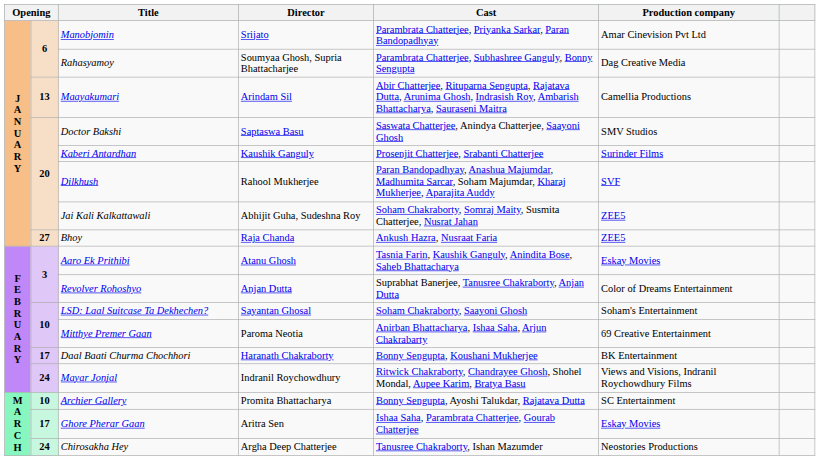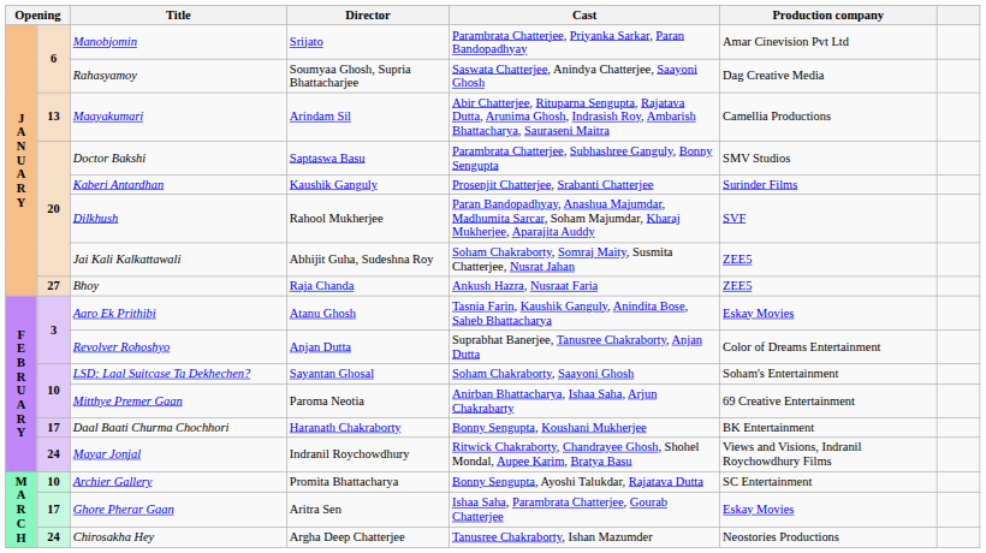 <table class="wikitable sortable">
 <tr style="background:#b0e0e6; text-align:center;">
 <th colspan="2" style="width:6%;">Opening</th>
 <th style="width:20%;">Title</th>
 <th style="width:15%;">Director</th>
 <th style="width:25%;">Cast</th>
 <th style="width:20%;">Production company</th>
 <th style="width:4%;"></th>
 </tr>
 <tr>
 <th rowspan="8" style="text-align:center; background:#f7bf87; text color:#000;">J<br>A<br>N<br>U<br>A<br>R<br>Y</th>
 <td rowspan="2" style="text-align:center; background:#f7dfc7"><strong>6</strong></td>
 <td><em><a href='#'>Manobjomin</a></em></td>
 <td><a href='#'>Srijato</a></td>
 <td><a href='#'>Parambrata Chatterjee</a>, <a href='#'>Priyanka Sarkar</a>, <a href='#'>Paran Bandopadhyay</a></td>
 <td>Amar Cinevision Pvt Ltd</td>
 <td></td>
 </tr>
 <tr>
 <td><em>Rahasyamoy</em></td>
 <td>Soumyaa Ghosh, Supria Bhattacharjee</td>
-<td><a href='#'>Parambrata Chatterjee</a>, <a href='#'>Subhashree Ganguly</a>, <a href='#'>Bonny Sengupta</a></td>
+<td><a href='#'>Saswata Chatterjee</a>, Anindya Chatterjee, <a href='#'>Saayoni Ghosh</a></td>
 <td>Dag Creative Media</td>
 <td></td>
 </tr>
 <tr>
 <td rowspan="1" style="text-align:center; background:#f7dfc7"><strong>13</strong></td>
 <td><em><a href='#'>Maayakumari</a></em></td>
 <td><a href='#'>Arindam Sil</a></td>
 <td><a href='#'>Abir Chatterjee</a>, <a href='#'>Rituparna Sengupta</a>, <a href='#'>Rajatava Dutta</a>, <a href='#'>Arunima Ghosh</a>, <a href='#'>Indrasish Roy</a>, <a href='#'>Ambarish Bhattacharya</a>, <a href='#'>Sauraseni Maitra</a></td>
 <td>Camellia Productions</td>
 <td></td>
 </tr>
 <tr>
 <td rowspan="4" style="text-align:center; background:#f7dfc7"><strong>20</strong></td>
 <td><em>Doctor Bakshi</em></td>
 <td><a href='#'>Saptaswa Basu</a></td>
-<td><a href='#'>Saswata Chatterjee</a>, Anindya Chatterjee, <a href='#'>Saayoni Ghosh</a></td>
+<td><a href='#'>Parambrata Chatterjee</a>, <a href='#'>Subhashree Ganguly</a>, <a href='#'>Bonny Sengupta</a></td>
 <td>SMV Studios</td>
 <td style="text-align:center"></td>
 </tr>
 <tr>
 <td><em><a href='#'>Kaberi Antardhan</a></em></td>
 <td><a href='#'>Kaushik Ganguly</a></td>
 <td><a href='#'>Prosenjit Chatterjee</a>, <a href='#'>Srabanti Chatterjee</a></td>
 <td><a href='#'>Surinder Films</a></td>
 <td></td>
 </tr>
 <tr>
 <td><em><a href='#'>Dilkhush</a></em></td>
 <td>Rahool Mukherjee</td>
 <td><a href='#'>Paran Bandopadhyay</a>, <a href='#'>Anashua Majumdar</a>, <a href='#'>Madhumita Sarcar</a>, Soham Majumdar, <a href='#'>Kharaj Mukherjee</a>, <a href='#'>Aparajita Auddy</a></td>
 <td><a href='#'>SVF</a></td>
 <td></td>
 </tr>
 <tr>
 <td><em>Jai Kali Kalkattawali</em></td>
 <td>Abhijit Guha, Sudeshna Roy</td>
 <td><a href='#'>Soham Chakraborty</a>, <a href='#'>Somraj Maity</a>, Susmita Chatterjee, <a href='#'>Nusrat Jahan</a></td>
 <td><a href='#'>ZEE5</a></td>
 <td></td>
 </tr>
 <tr>
 <td rowspan="1" style="text-align:center; background:#f7dfc7"><strong>27</strong></td>
 <td><em>Bhoy</em></td>
 <td><a href='#'>Raja Chanda</a></td>
 <td><a href='#'>Ankush Hazra</a>, <a href='#'>Nusraat Faria</a></td>
 <td><a href='#'>ZEE5</a></td>
 <td></td>
 </tr>
 <tr>
 <th rowspan="6" style="text-align:center; background:#bf87f7">F<br>E<br>B<br>R<br>U<br>A<br>R<br>Y</th>
 <td rowspan="2" style="text-align:center; background:#dfc7f7"><strong>3</strong></td>
 <td><em><a href='#'>Aaro Ek Prithibi</a></em></td>
 <td><a href='#'>Atanu Ghosh</a></td>
 <td><a href='#'>Tasnia Farin</a>, <a href='#'>Kaushik Ganguly</a>, <a href='#'>Anindita Bose</a>, <a href='#'>Saheb Bhattacharya</a></td>
 <td><a href='#'>Eskay Movies</a></td>
 <td></td>
 </tr>
 <tr>
 <td><em><a href='#'>Revolver Rohoshyo</a></em></td>
 <td><a href='#'>Anjan Dutta</a></td>
 <td>Suprabhat Banerjee, <a href='#'>Tanusree Chakraborty</a>, <a href='#'>Anjan Dutta</a></td>
 <td>Color of Dreams Entertainment</td>
 <td></td>
 </tr>
 <tr>
 <td rowspan="2" style="text-align:center; background:#dfc7f7"><strong>10</strong></td>
 <td><em><a href='#'>LSD: Laal Suitcase Ta Dekhechen?</a></em></td>
 <td><a href='#'>Sayantan Ghosal</a></td>
 <td><a href='#'>Soham Chakraborty</a>, <a href='#'>Saayoni Ghosh</a></td>
 <td>Soham's Entertainment</td>
 <td></td>
 </tr>
 <tr>
 <td><em><a href='#'>Mitthye Premer Gaan</a></em></td>
 <td>Paroma Neotia</td>
 <td><a href='#'>Anirban Bhattacharya</a>, <a href='#'>Ishaa Saha</a>, <a href='#'>Arjun Chakrabarty</a></td>
 <td>69 Creative Entertainment</td>
 <td></td>
 </tr>
 <tr>
 <td rowspan="1" style="text-align:center; background:#dfc7f7"><strong>17</strong></td>
 <td><em>Daal Baati Churma Chochhori</em></td>
 <td><a href='#'>Haranath Chakraborty</a></td>
 <td><a href='#'>Bonny Sengupta</a>, <a href='#'>Koushani Mukherjee</a></td>
 <td>BK Entertainment</td>
 <td></td>
 </tr>
 <tr>
 <td rowspan="1" style="text-align:center; background:#dfc7f7"><strong>24</strong></td>
 <td><em><a href='#'>Mayar Jonjal</a></em></td>
 <td>Indranil Roychowdhury</td>
 <td><a href='#'>Ritwick Chakraborty</a>, <a href='#'>Chandrayee Ghosh</a>, Shohel Mondal, <a href='#'>Aupee Karim</a>, <a href='#'>Bratya Basu</a></td>
 <td>Views and Visions, Indranil Roychowdhury Films</td>
 <td></td>
 </tr>
 <tr>
 <th rowspan="3" style="text-align:center; background:#87f7bf">M<br>A<br>R<br>C<br>H</th>
 <td style="text-align:center; background:#c7f7df"><strong>10</strong></td>
 <td><em><a href='#'>Archier Gallery</a></em></td>
 <td>Promita Bhattacharya</td>
 <td><a href='#'>Bonny Sengupta</a>, Ayoshi Talukdar, <a href='#'>Rajatava Dutta</a></td>
 <td>SC Entertainment</td>
 <td></td>
 </tr>
 <tr>
 <td rowspan="1" style="text-align:center; background:#c7f7df"><strong>17</strong></td>
 <td><em><a href='#'>Ghore Pherar Gaan</a></em></td>
 <td>Aritra Sen</td>
 <td><a href='#'>Ishaa Saha</a>, <a href='#'>Parambrata Chatterjee</a>, <a href='#'>Gourab Chatterjee</a></td>
 <td><a href='#'>Eskay Movies</a></td>
 <td></td>
 </tr>
 <tr>
 <td rowspan="1" style="text-align:center; background:#c7f7df"><strong>24</strong></td>
 <td><em>Chirosakha Hey</em></td>
 <td>Argha Deep Chatterjee</td>
 <td><a href='#'>Tanusree Chakraborty</a>, Ishan Mazumder</td>
 <td>Neostories Productions</td>
 <td></td>
 </tr>
 </table>
